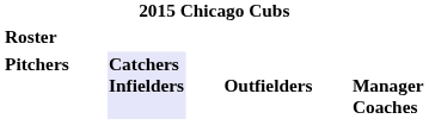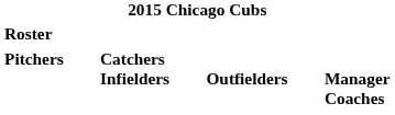 <table class="toccolours" style="font-size: 95%;">
 <tr>
 <th colspan="10">2015 Chicago Cubs</th>
 </tr>
 <tr>
 <td colspan="10"><strong>Roster</strong></td>
 </tr>
 <tr>
 <td valign="top"><strong>Pitchers</strong><br>                          </td>
 <td width="25px"></td>
-<td valign="top" style="background: lavender;"><strong>Catchers</strong><br>    <strong>Infielders</strong>         </td>
+<td valign="top"><strong>Catchers</strong><br>    <strong>Infielders</strong>         </td>
 <td width="25px"></td>
 <td valign="top"><br><strong>Outfielders</strong>          </td>
 <td width="25px"></td>
 <td valign="top"><br><strong>Manager</strong> <br><strong>Coaches</strong>                      </td>
 </tr>
 </table>
